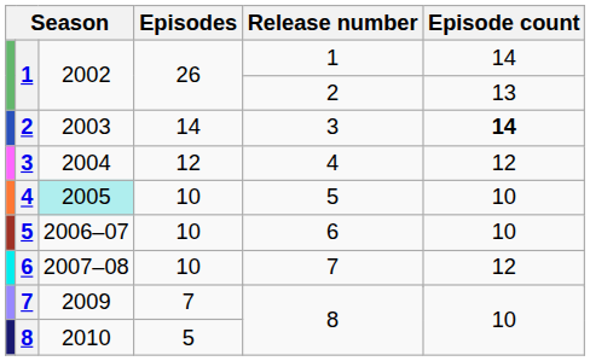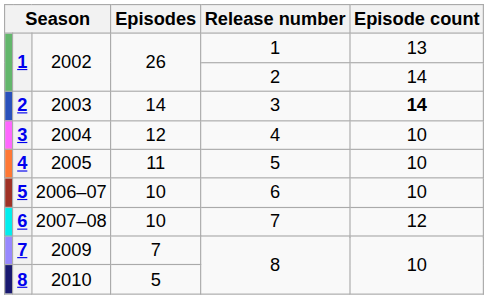 <table class="wikitable" style="text-align:center">
 <tr>
 <th colspan=3>Season</th>
 <th>Episodes</th>
 <th>Release number</th>
 <th>Episode count</th>
 </tr>
 <tr>
 <th rowspan=2 style="background:#63B76C"></th>
 <th rowspan=2><a href='#'>1</a></th>
 <td rowspan=2>2002</td>
 <td rowspan=2>26</td>
 <td>1</td>
-<td>14</td>
+<td>13</td>
 </tr>
 <tr>
 <td>2</td>
-<td>13</td>
+<td>14</td>
 </tr>
 <tr>
 <th style="background:#2950BB"></th>
 <th><a href='#'>2</a></th>
 <td>2003</td>
 <td>14</td>
 <td>3</td>
 <td><strong>14</strong></td>
 </tr>
 <tr>
 <th style="background:#f6f"></th>
 <th><a href='#'>3</a></th>
 <td>2004</td>
 <td>12</td>
 <td>4</td>
-<td>12</td>
+<td>10</td>
 </tr>
 <tr>
 <th style="background:#FF7834"></th>
 <th><a href='#'>4</a></th>
-<td style="background: paleturquoise;">2005</td>
-<td>10</td>
+<td>2005</td>
+<td>11</td>
 <td>5</td>
 <td>10</td>
 </tr>
 <tr>
 <th style="background:#9F3125"></th>
 <th><a href='#'>5</a></th>
 <td>2006–07</td>
 <td>10</td>
 <td>6</td>
 <td>10</td>
 </tr>
 <tr>
 <th style="background:#0ee"></th>
 <th><a href='#'>6</a></th>
 <td>2007–08</td>
 <td>10</td>
 <td rowspan=2>7</td>
 <td rowspan=2>12</td>
 </tr>
 <tr>
 <th rowspan=2 style="background:#9888FF"></th>
 <th rowspan=2><a href='#'>7</a></th>
 <td rowspan=2>2009</td>
 <td rowspan=2>7</td>
 </tr>
 <tr>
 <td rowspan=2>8</td>
 <td rowspan=2>10</td>
 </tr>
 <tr>
 <th style="background:#191970"></th>
 <th><a href='#'>8</a></th>
 <td>2010</td>
 <td>5</td>
 </tr>
 </table>
